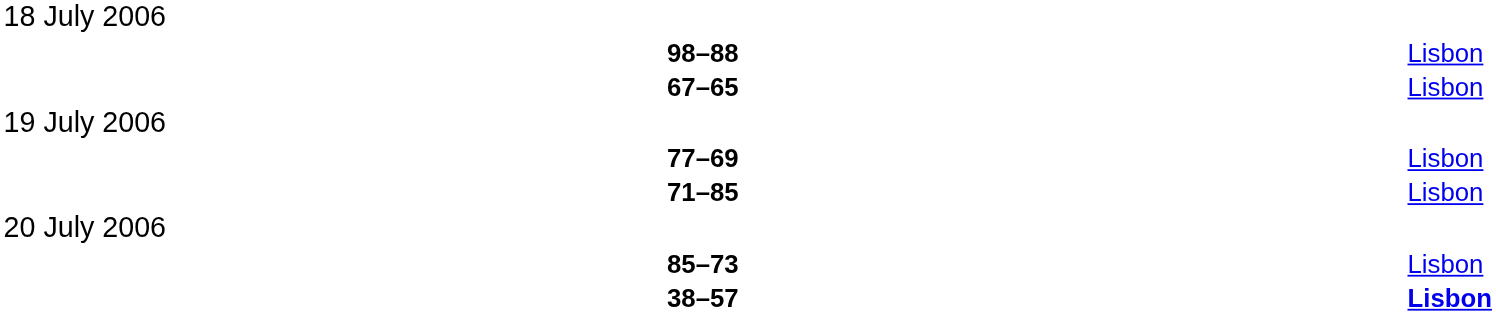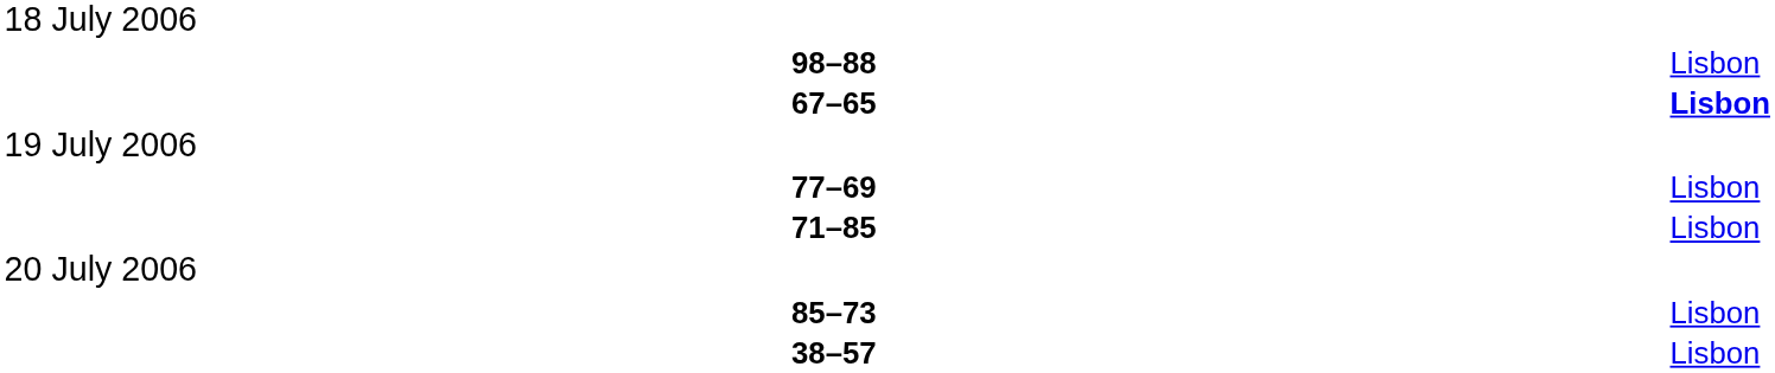 <table style="width:100%;" cellspacing="1">
 <tr>
 <th width=25%></th>
 <th width=3%></th>
 <th width=6%></th>
 <th width=3%></th>
 <th width=25%></th>
 </tr>
 <tr>
 <td>18 July 2006</td>
 </tr>
 <tr style=font-size:90%>
 <td align=right><strong></strong></td>
 <td></td>
 <td align=center><strong>98–88</strong></td>
 <td></td>
 <td><strong></strong></td>
 <td><a href='#'>Lisbon</a></td>
 </tr>
 <tr style=font-size:90%>
 <td align=right><strong></strong></td>
 <td></td>
 <td align=center><strong>67–65</strong></td>
 <td></td>
 <td><strong></strong></td>
-<td><a href='#'>Lisbon</a></td>
+<td><strong><a href='#'>Lisbon</a></strong></td>
 </tr>
 <tr>
 <td>19 July 2006</td>
 </tr>
 <tr style=font-size:90%>
 <td align=right><strong></strong></td>
 <td></td>
 <td align=center><strong>77–69</strong></td>
 <td></td>
 <td><strong></strong></td>
 <td><a href='#'>Lisbon</a></td>
 </tr>
 <tr style=font-size:90%>
 <td align=right><strong></strong></td>
 <td></td>
 <td align=center><strong>71–85</strong></td>
 <td></td>
 <td><strong></strong></td>
 <td><a href='#'>Lisbon</a></td>
 </tr>
 <tr>
 <td>20 July 2006</td>
 </tr>
 <tr style=font-size:90%>
 <td align=right><strong></strong></td>
 <td></td>
 <td align=center><strong>85–73</strong></td>
 <td></td>
 <td><strong></strong></td>
 <td><a href='#'>Lisbon</a></td>
 </tr>
 <tr style=font-size:90%>
 <td align=right><strong></strong></td>
 <td></td>
 <td align=center><strong>38–57</strong></td>
 <td></td>
 <td><strong></strong></td>
-<td><strong><a href='#'>Lisbon</a></strong></td>
+<td><a href='#'>Lisbon</a></td>
 </tr>
 </table>
